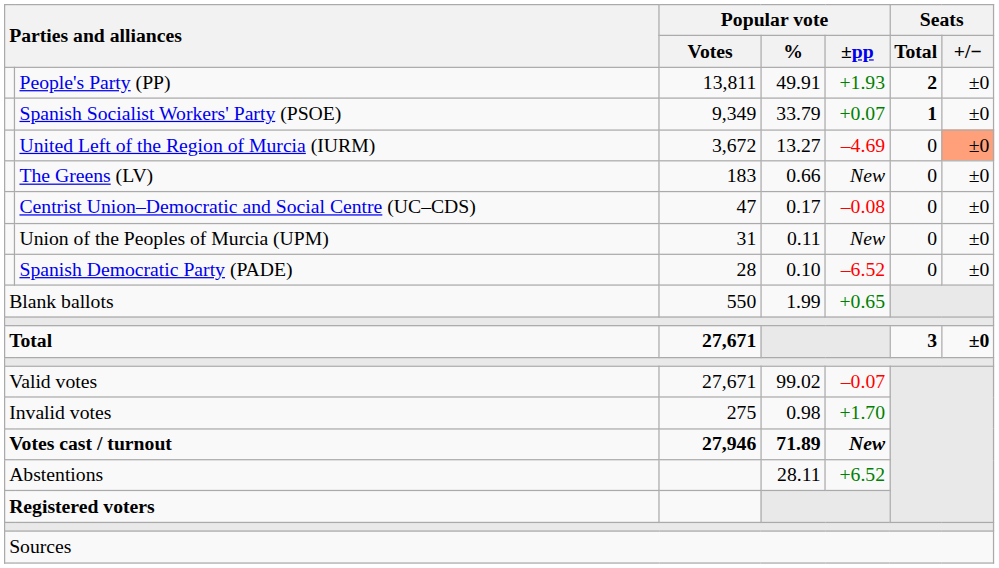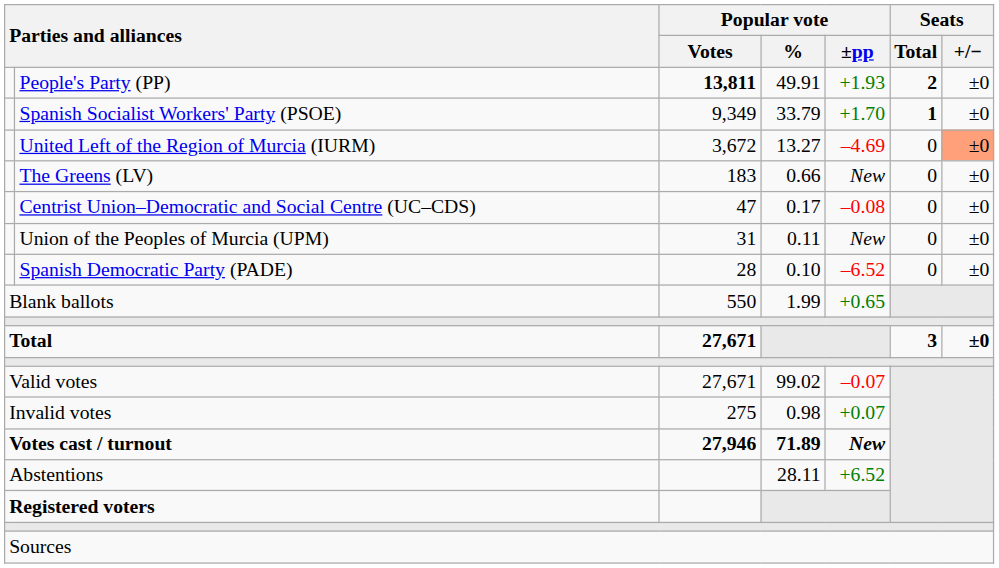 <table class="wikitable" style="text-align:right;">
 <tr>
 <th style="text-align:left;" rowspan="2" colspan="2" width="525">Parties and alliances</th>
 <th colspan="3">Popular vote</th>
 <th colspan="2">Seats</th>
 </tr>
 <tr>
 <th width="75">Votes</th>
 <th width="45">%</th>
 <th width="45">±<a href='#'>pp</a></th>
 <th width="35">Total</th>
 <th width="35">+/−</th>
 </tr>
 <tr>
 <td width="1" style="color:inherit;background:"></td>
 <td align="left"><a href='#'>People's Party</a> (PP)</td>
-<td>13,811</td>
+<td><strong>13,811</strong></td>
 <td>49.91</td>
 <td style="color:green;">+1.93</td>
 <td><strong>2</strong></td>
 <td>±0</td>
 </tr>
 <tr>
 <td style="color:inherit;background:"></td>
 <td align="left"><a href='#'>Spanish Socialist Workers' Party</a> (PSOE)</td>
 <td>9,349</td>
 <td>33.79</td>
-<td style="color:green;">+0.07</td>
+<td style="color:green;">+1.70</td>
 <td><strong>1</strong></td>
 <td>±0</td>
 </tr>
 <tr>
 <td style="color:inherit;background:"></td>
 <td align="left"><a href='#'>United Left of the Region of Murcia</a> (IURM)</td>
 <td>3,672</td>
 <td>13.27</td>
 <td style="color:red;">–4.69</td>
 <td>0</td>
 <td style="background: lightsalmon;">±0</td>
 </tr>
 <tr>
 <td style="color:inherit;background:"></td>
 <td align="left"><a href='#'>The Greens</a> (LV)</td>
 <td>183</td>
 <td>0.66</td>
 <td><em>New</em></td>
 <td>0</td>
 <td>±0</td>
 </tr>
 <tr>
 <td style="color:inherit;background:"></td>
 <td align="left"><a href='#'>Centrist Union–Democratic and Social Centre</a> (UC–CDS)</td>
 <td>47</td>
 <td>0.17</td>
 <td style="color:red;">–0.08</td>
 <td>0</td>
 <td>±0</td>
 </tr>
 <tr>
 <td style="color:inherit;background:"></td>
 <td align="left">Union of the Peoples of Murcia (UPM)</td>
 <td>31</td>
 <td>0.11</td>
 <td><em>New</em></td>
 <td>0</td>
 <td>±0</td>
 </tr>
 <tr>
 <td style="color:inherit;background:"></td>
 <td align="left"><a href='#'>Spanish Democratic Party</a> (PADE)</td>
 <td>28</td>
 <td>0.10</td>
 <td style="color:red;">–6.52</td>
 <td>0</td>
 <td>±0</td>
 </tr>
 <tr>
 <td align="left" colspan="2">Blank ballots</td>
 <td>550</td>
 <td>1.99</td>
 <td style="color:green;">+0.65</td>
 <td bgcolor="#E9E9E9" colspan="2"></td>
 </tr>
 <tr>
 <td colspan="7" bgcolor="#E9E9E9"></td>
 </tr>
 <tr style="font-weight:bold;">
 <td align="left" colspan="2">Total</td>
 <td>27,671</td>
 <td bgcolor="#E9E9E9" colspan="2"></td>
 <td>3</td>
 <td>±0</td>
 </tr>
 <tr>
 <td colspan="7" bgcolor="#E9E9E9"></td>
 </tr>
 <tr>
 <td align="left" colspan="2">Valid votes</td>
 <td>27,671</td>
 <td>99.02</td>
 <td style="color:red;">–0.07</td>
 <td bgcolor="#E9E9E9" colspan="2" rowspan="5"></td>
 </tr>
 <tr>
 <td align="left" colspan="2">Invalid votes</td>
 <td>275</td>
 <td>0.98</td>
-<td style="color:green;">+1.70</td>
+<td style="color:green;">+0.07</td>
 </tr>
 <tr style="font-weight:bold;">
 <td align="left" colspan="2">Votes cast / turnout</td>
 <td>27,946</td>
 <td>71.89</td>
 <td><em>New</em></td>
 </tr>
 <tr>
 <td align="left" colspan="2">Abstentions</td>
 <td></td>
 <td>28.11</td>
 <td style="color:green;">+6.52</td>
 </tr>
 <tr style="font-weight:bold;">
 <td align="left" colspan="2">Registered voters</td>
 <td></td>
 <td bgcolor="#E9E9E9" colspan="2"></td>
 </tr>
 <tr>
 <td colspan="7" bgcolor="#E9E9E9"></td>
 </tr>
 <tr>
 <td align="left" colspan="7">Sources</td>
 </tr>
 </table>
